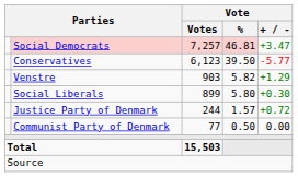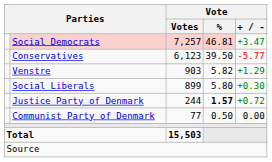 <table class="wikitable" style="text-align:right;">
 <tr>
 <th style="text-align:centre;" rowspan="2" colspan="2" width="225">Parties</th>
 <th colspan="3">Vote</th>
 </tr>
 <tr>
 <th width="15">Votes</th>
 <th width="15">%</th>
 <th width="15">+ / -</th>
 </tr>
 <tr>
 <td width="2" style="color:inherit;background:"></td>
 <td bgcolor=#fbd0ce  align="left"><a href='#'>Social Democrats</a></td>
 <td bgcolor=#fbd0ce>7,257</td>
 <td bgcolor=#fbd0ce>46.81</td>
 <td style=color:green;>+3.47</td>
 </tr>
 <tr>
 <td width="2" style="color:inherit;background:"></td>
 <td align="left"><a href='#'>Conservatives</a></td>
 <td>6,123</td>
 <td>39.50</td>
 <td style=color:red;>-5.77</td>
 </tr>
 <tr>
 <td width="2" style="color:inherit;background:"></td>
 <td align="left"><a href='#'>Venstre</a></td>
 <td>903</td>
 <td>5.82</td>
 <td style=color:green;>+1.29</td>
 </tr>
 <tr>
 <td width="2" style="color:inherit;background:"></td>
 <td align="left"><a href='#'>Social Liberals</a></td>
 <td>899</td>
 <td>5.80</td>
 <td style=color:green;>+0.30</td>
 </tr>
 <tr>
 <td width="2" style="color:inherit;background:"></td>
 <td align="left"><a href='#'>Justice Party of Denmark</a></td>
 <td>244</td>
-<td>1.57</td>
+<td><strong>1.57</strong></td>
 <td style=color:green;>+0.72</td>
 </tr>
 <tr>
 <td width="2" style="color:inherit;background:"></td>
 <td align="left"><a href='#'>Communist Party of Denmark</a></td>
 <td>77</td>
 <td>0.50</td>
 <td>0.00</td>
 </tr>
 <tr>
 <td colspan="7" bgcolor="#E9E9E9"></td>
 </tr>
 <tr>
 <td align="left" colspan="2"><strong>Total</strong></td>
 <td><strong>15,503</strong></td>
 <td bgcolor="#E9E9E9" colspan="2"></td>
 </tr>
 <tr>
 <td align="left" colspan="6">Source</td>
 </tr>
 </table>
